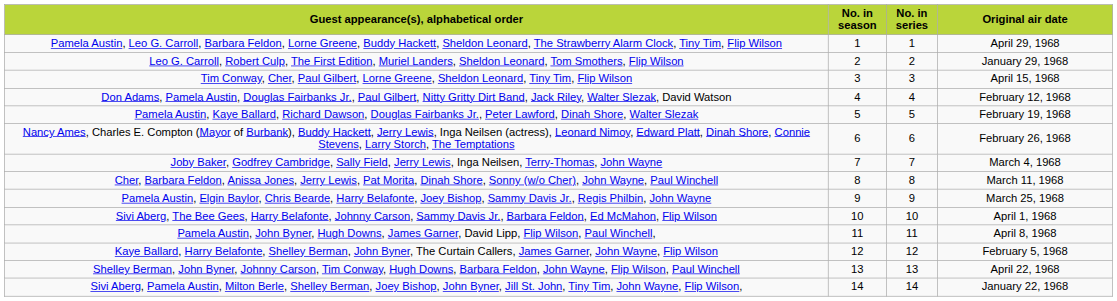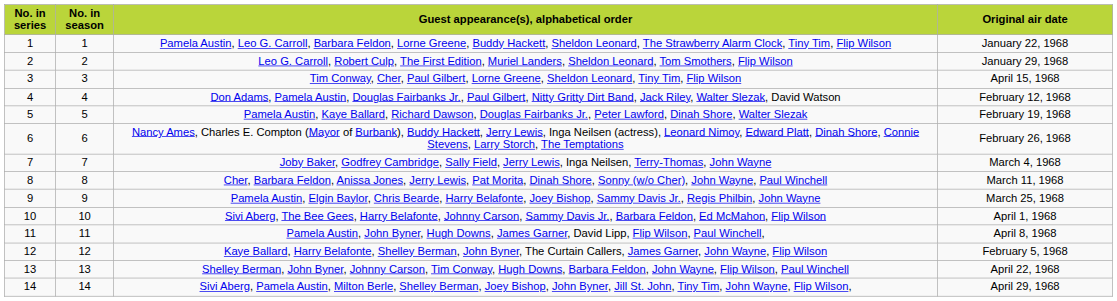 <table class="wikitable" border="1" style="width:100%; text-align: center;">
 <tr>
+<th style="background-color: #bad53a" width="1%"><abbr>No.</abbr> in<br>series</th>
+<th style="background-color: #bad53a" width="1%"><abbr>No.</abbr> in<br>season</th>
 <th style="background-color: #bad53a" width="33%">Guest appearance(s), alphabetical order</th>
-<th style="background-color: #bad53a" width="1%"><abbr>No.</abbr> in<br>season</th>
-<th style="background-color: #bad53a" width="1%"><abbr>No.</abbr> in<br>series</th>
 <th style="background-color: #bad53a" width="7%">Original air date</th>
 </tr>
 <tr>
-<td><a href='#'>Pamela Austin</a>,    <a href='#'>Leo G. Carroll</a>, <a href='#'>Barbara Feldon</a>, <a href='#'>Lorne Greene</a>, <a href='#'>Buddy Hackett</a>, <a href='#'>Sheldon Leonard</a>, <a href='#'>The Strawberry Alarm Clock</a>, <a href='#'>Tiny Tim</a>, <a href='#'>Flip Wilson</a></td>
 <td>1</td>
 <td>1</td>
-<td>April 29, 1968</td>
+<td><a href='#'>Pamela Austin</a>,    <a href='#'>Leo G. Carroll</a>, <a href='#'>Barbara Feldon</a>, <a href='#'>Lorne Greene</a>, <a href='#'>Buddy Hackett</a>, <a href='#'>Sheldon Leonard</a>, <a href='#'>The Strawberry Alarm Clock</a>, <a href='#'>Tiny Tim</a>, <a href='#'>Flip Wilson</a></td>
+<td>January 22, 1968</td>
 </tr>
 <tr>
-<td><a href='#'>Leo G. Carroll</a>, <a href='#'>Robert Culp</a>, <a href='#'>The First Edition</a>, <a href='#'>Muriel Landers</a>, <a href='#'>Sheldon Leonard</a>, <a href='#'>Tom Smothers</a>, <a href='#'>Flip Wilson</a></td>
 <td>2</td>
 <td>2</td>
+<td><a href='#'>Leo G. Carroll</a>, <a href='#'>Robert Culp</a>, <a href='#'>The First Edition</a>, <a href='#'>Muriel Landers</a>, <a href='#'>Sheldon Leonard</a>, <a href='#'>Tom Smothers</a>, <a href='#'>Flip Wilson</a></td>
 <td>January 29, 1968</td>
 </tr>
 <tr>
-<td><a href='#'>Tim Conway</a>, <a href='#'>Cher</a>, <a href='#'>Paul Gilbert</a>, <a href='#'>Lorne Greene</a>, <a href='#'>Sheldon Leonard</a>, <a href='#'>Tiny Tim</a>, <a href='#'>Flip Wilson</a></td>
 <td>3</td>
 <td>3</td>
+<td><a href='#'>Tim Conway</a>, <a href='#'>Cher</a>, <a href='#'>Paul Gilbert</a>, <a href='#'>Lorne Greene</a>, <a href='#'>Sheldon Leonard</a>, <a href='#'>Tiny Tim</a>, <a href='#'>Flip Wilson</a></td>
 <td>April 15, 1968</td>
 </tr>
 <tr>
-<td><a href='#'>Don Adams</a>, <a href='#'>Pamela Austin</a>, <a href='#'>Douglas Fairbanks Jr.</a>, <a href='#'>Paul Gilbert</a>,    <a href='#'>Nitty Gritty Dirt Band</a>, <a href='#'>Jack Riley</a>, <a href='#'>Walter Slezak</a>, David Watson</td>
 <td>4</td>
 <td>4</td>
+<td><a href='#'>Don Adams</a>, <a href='#'>Pamela Austin</a>, <a href='#'>Douglas Fairbanks Jr.</a>, <a href='#'>Paul Gilbert</a>,    <a href='#'>Nitty Gritty Dirt Band</a>, <a href='#'>Jack Riley</a>, <a href='#'>Walter Slezak</a>, David Watson</td>
 <td>February 12, 1968</td>
 </tr>
 <tr>
-<td><a href='#'>Pamela Austin</a>,     <a href='#'>Kaye Ballard</a>, <a href='#'>Richard Dawson</a>,  <a href='#'>Douglas Fairbanks Jr.</a>, <a href='#'>Peter Lawford</a>, <a href='#'>Dinah Shore</a>, <a href='#'>Walter Slezak</a></td>
 <td>5</td>
 <td>5</td>
+<td><a href='#'>Pamela Austin</a>,     <a href='#'>Kaye Ballard</a>, <a href='#'>Richard Dawson</a>,  <a href='#'>Douglas Fairbanks Jr.</a>, <a href='#'>Peter Lawford</a>, <a href='#'>Dinah Shore</a>, <a href='#'>Walter Slezak</a></td>
 <td>February 19, 1968</td>
 </tr>
 <tr>
-<td><a href='#'>Nancy Ames</a>, Charles E. Compton (<a href='#'>Mayor</a> of <a href='#'>Burbank</a>), <a href='#'>Buddy Hackett</a>, <a href='#'>Jerry Lewis</a>, Inga Neilsen (actress), <a href='#'>Leonard Nimoy</a>, <a href='#'>Edward Platt</a>, <a href='#'>Dinah Shore</a>, <a href='#'>Connie Stevens</a>, <a href='#'>Larry Storch</a>, <a href='#'>The Temptations</a></td>
 <td>6</td>
 <td>6</td>
+<td><a href='#'>Nancy Ames</a>, Charles E. Compton (<a href='#'>Mayor</a> of <a href='#'>Burbank</a>), <a href='#'>Buddy Hackett</a>, <a href='#'>Jerry Lewis</a>, Inga Neilsen (actress), <a href='#'>Leonard Nimoy</a>, <a href='#'>Edward Platt</a>, <a href='#'>Dinah Shore</a>, <a href='#'>Connie Stevens</a>, <a href='#'>Larry Storch</a>, <a href='#'>The Temptations</a></td>
 <td>February 26, 1968</td>
 </tr>
 <tr>
-<td><a href='#'>Joby Baker</a>, <a href='#'>Godfrey Cambridge</a>, <a href='#'>Sally Field</a>, <a href='#'>Jerry Lewis</a>, Inga Neilsen, <a href='#'>Terry-Thomas</a>, <a href='#'>John Wayne</a></td>
 <td>7</td>
 <td>7</td>
+<td><a href='#'>Joby Baker</a>, <a href='#'>Godfrey Cambridge</a>, <a href='#'>Sally Field</a>, <a href='#'>Jerry Lewis</a>, Inga Neilsen, <a href='#'>Terry-Thomas</a>, <a href='#'>John Wayne</a></td>
 <td>March 4, 1968</td>
 </tr>
 <tr>
-<td><a href='#'>Cher</a>, <a href='#'>Barbara Feldon</a>, <a href='#'>Anissa Jones</a>, <a href='#'>Jerry Lewis</a>, <a href='#'>Pat Morita</a>, <a href='#'>Dinah Shore</a>, <a href='#'>Sonny (w/o Cher)</a>, <a href='#'>John Wayne</a>, <a href='#'>Paul Winchell</a></td>
 <td>8</td>
 <td>8</td>
+<td><a href='#'>Cher</a>, <a href='#'>Barbara Feldon</a>, <a href='#'>Anissa Jones</a>, <a href='#'>Jerry Lewis</a>, <a href='#'>Pat Morita</a>, <a href='#'>Dinah Shore</a>, <a href='#'>Sonny (w/o Cher)</a>, <a href='#'>John Wayne</a>, <a href='#'>Paul Winchell</a></td>
 <td>March 11, 1968</td>
 </tr>
 <tr>
-<td><a href='#'>Pamela Austin</a>, <a href='#'>Elgin Baylor</a>, <a href='#'>Chris Bearde</a>, <a href='#'>Harry Belafonte</a>, <a href='#'>Joey Bishop</a>, <a href='#'>Sammy Davis Jr.</a>, <a href='#'>Regis Philbin</a>, <a href='#'>John Wayne</a></td>
 <td>9</td>
 <td>9</td>
+<td><a href='#'>Pamela Austin</a>, <a href='#'>Elgin Baylor</a>, <a href='#'>Chris Bearde</a>, <a href='#'>Harry Belafonte</a>, <a href='#'>Joey Bishop</a>, <a href='#'>Sammy Davis Jr.</a>, <a href='#'>Regis Philbin</a>, <a href='#'>John Wayne</a></td>
 <td>March 25, 1968</td>
 </tr>
 <tr>
-<td><a href='#'>Sivi Aberg</a>, <a href='#'>The Bee Gees</a>, <a href='#'>Harry Belafonte</a>, <a href='#'>Johnny Carson</a>, <a href='#'>Sammy Davis Jr.</a>, <a href='#'>Barbara Feldon</a>, <a href='#'>Ed McMahon</a>, <a href='#'>Flip Wilson</a></td>
 <td>10</td>
 <td>10</td>
+<td><a href='#'>Sivi Aberg</a>, <a href='#'>The Bee Gees</a>, <a href='#'>Harry Belafonte</a>, <a href='#'>Johnny Carson</a>, <a href='#'>Sammy Davis Jr.</a>, <a href='#'>Barbara Feldon</a>, <a href='#'>Ed McMahon</a>, <a href='#'>Flip Wilson</a></td>
 <td>April 1, 1968</td>
 </tr>
 <tr>
-<td><a href='#'>Pamela Austin</a>, <a href='#'>John Byner</a>, <a href='#'>Hugh Downs</a>, <a href='#'>James Garner</a>, David Lipp, <a href='#'>Flip Wilson</a>, <a href='#'>Paul Winchell</a>,</td>
 <td>11</td>
 <td>11</td>
+<td><a href='#'>Pamela Austin</a>, <a href='#'>John Byner</a>, <a href='#'>Hugh Downs</a>, <a href='#'>James Garner</a>, David Lipp, <a href='#'>Flip Wilson</a>, <a href='#'>Paul Winchell</a>,</td>
 <td>April 8, 1968</td>
 </tr>
 <tr>
-<td><a href='#'>Kaye Ballard</a>, <a href='#'>Harry Belafonte</a>, <a href='#'>Shelley Berman</a>, <a href='#'>John Byner</a>, The Curtain Callers,  <a href='#'>James Garner</a>, <a href='#'>John Wayne</a>, <a href='#'>Flip Wilson</a></td>
 <td>12</td>
 <td>12</td>
+<td><a href='#'>Kaye Ballard</a>, <a href='#'>Harry Belafonte</a>, <a href='#'>Shelley Berman</a>, <a href='#'>John Byner</a>, The Curtain Callers,  <a href='#'>James Garner</a>, <a href='#'>John Wayne</a>, <a href='#'>Flip Wilson</a></td>
 <td>February 5, 1968</td>
 </tr>
 <tr>
-<td><a href='#'>Shelley Berman</a>, <a href='#'>John Byner</a>, <a href='#'>Johnny Carson</a>, <a href='#'>Tim Conway</a>, <a href='#'>Hugh Downs</a>, <a href='#'>Barbara Feldon</a>, <a href='#'>John Wayne</a>, <a href='#'>Flip Wilson</a>, <a href='#'>Paul Winchell</a></td>
 <td>13</td>
 <td>13</td>
+<td><a href='#'>Shelley Berman</a>, <a href='#'>John Byner</a>, <a href='#'>Johnny Carson</a>, <a href='#'>Tim Conway</a>, <a href='#'>Hugh Downs</a>, <a href='#'>Barbara Feldon</a>, <a href='#'>John Wayne</a>, <a href='#'>Flip Wilson</a>, <a href='#'>Paul Winchell</a></td>
 <td>April 22, 1968</td>
 </tr>
 <tr>
-<td><a href='#'>Sivi Aberg</a>, <a href='#'>Pamela Austin</a>,   <a href='#'>Milton Berle</a>, <a href='#'>Shelley Berman</a>, <a href='#'>Joey Bishop</a>, <a href='#'>John Byner</a>, <a href='#'>Jill St. John</a>, <a href='#'>Tiny Tim</a>, <a href='#'>John Wayne</a>, <a href='#'>Flip Wilson</a>,</td>
 <td>14</td>
 <td>14</td>
-<td>January 22, 1968</td>
+<td><a href='#'>Sivi Aberg</a>, <a href='#'>Pamela Austin</a>,   <a href='#'>Milton Berle</a>, <a href='#'>Shelley Berman</a>, <a href='#'>Joey Bishop</a>, <a href='#'>John Byner</a>, <a href='#'>Jill St. John</a>, <a href='#'>Tiny Tim</a>, <a href='#'>John Wayne</a>, <a href='#'>Flip Wilson</a>,</td>
+<td>April 29, 1968</td>
 </tr>
 </table>
